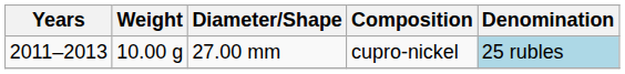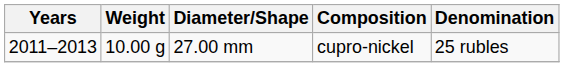 <table class="wikitable">
 <tr>
 <th>Years</th>
 <th>Weight</th>
 <th>Diameter/Shape</th>
 <th>Composition</th>
 <th>Denomination</th>
 </tr>
 <tr>
 <td>2011–2013</td>
 <td>10.00 g</td>
 <td>27.00 mm</td>
 <td>cupro-nickel</td>
-<td style="background: lightblue;">25 rubles</td>
+<td>25 rubles</td>
 </tr>
 <tr>
 </tr>
 </table>
